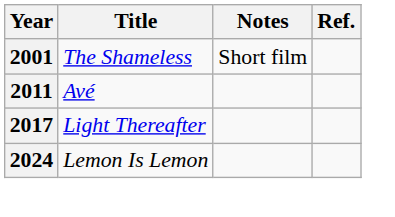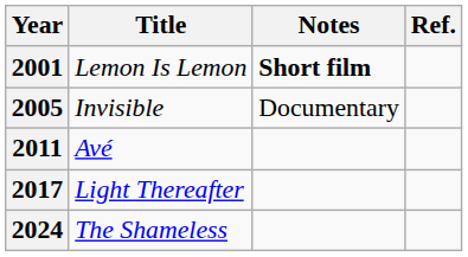 <table class="wikitable sortable plainrowheaders">
 <tr>
 <th scope="col">Year</th>
 <th scope="col">Title</th>
 <th scope="col">Notes</th>
 <th scope="col">Ref.</th>
 </tr>
 <tr>
 <th scope="row">2001</th>
-<td><em><a href='#'>The Shameless</a></em></td>
-<td>Short film</td>
+<td><em>Lemon Is Lemon</em></td>
+<td><strong>Short film</strong></td>
+<td align="center"></td>
+</tr>
+<tr>
+<th scope="row">2005</th>
+<td><em>Invisible</em></td>
+<td>Documentary</td>
 <td align="center"></td>
 </tr>
 <tr>
 <th scope="row">2011</th>
 <td><em><a href='#'>Avé</a></em></td>
 <td></td>
 <td align="center"></td>
 </tr>
 <tr>
 <th scope="row">2017</th>
 <td><em><a href='#'>Light Thereafter</a></em></td>
 <td></td>
 <td align="center"></td>
 </tr>
 <tr>
 <th scope="row">2024</th>
-<td><em>Lemon Is Lemon</em></td>
+<td><em><a href='#'>The Shameless</a></em></td>
 <td></td>
 <td align="center"></td>
 </tr>
 </table>
